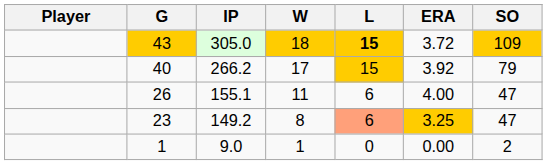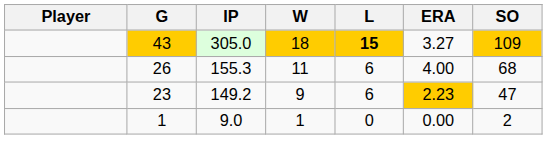 <table class="wikitable sortable">
 <tr>
 <th bgcolor="#DDDDFF" width="16%">Player</th>
 <th bgcolor="#DDDDFF" width="9%">G</th>
 <th bgcolor="#DDDDFF" width="9%">IP</th>
 <th bgcolor="#DDDDFF" width="9%">W</th>
 <th bgcolor="#DDDDFF" width="9%">L</th>
 <th bgcolor="#DDDDFF" width="9%">ERA</th>
 <th bgcolor="#DDDDFF" width="9%">SO</th>
 </tr>
 <tr align="center">
 <td></td>
 <td style="background:#fc0;">43</td>
 <td style="background:#DDFFDD;">305.0</td>
 <td style="background:#fc0;">18</td>
 <td style="background:#fc0;"><strong>15</strong></td>
-<td>3.72</td>
+<td>3.27</td>
 <td style="background:#fc0;">109</td>
 </tr>
 <tr align="center">
 <td></td>
-<td>40</td>
-<td>266.2</td>
-<td>17</td>
-<td style="background:#fc0;">15</td>
-<td>3.92</td>
-<td>79</td>
-</tr>
-<tr align="center">
-<td></td>
 <td>26</td>
-<td>155.1</td>
+<td>155.3</td>
 <td>11</td>
 <td>6</td>
 <td>4.00</td>
-<td>47</td>
+<td>68</td>
 </tr>
 <tr align="center">
 <td></td>
 <td>23</td>
 <td>149.2</td>
-<td>8</td>
-<td style="background: lightsalmon;">6</td>
-<td style="background:#fc0;">3.25</td>
+<td>9</td>
+<td>6</td>
+<td style="background:#fc0;">2.23</td>
 <td>47</td>
 </tr>
 <tr align="center">
 <td></td>
 <td>1</td>
 <td>9.0</td>
 <td>1</td>
 <td>0</td>
 <td>0.00</td>
 <td>2</td>
 </tr>
 </table>
